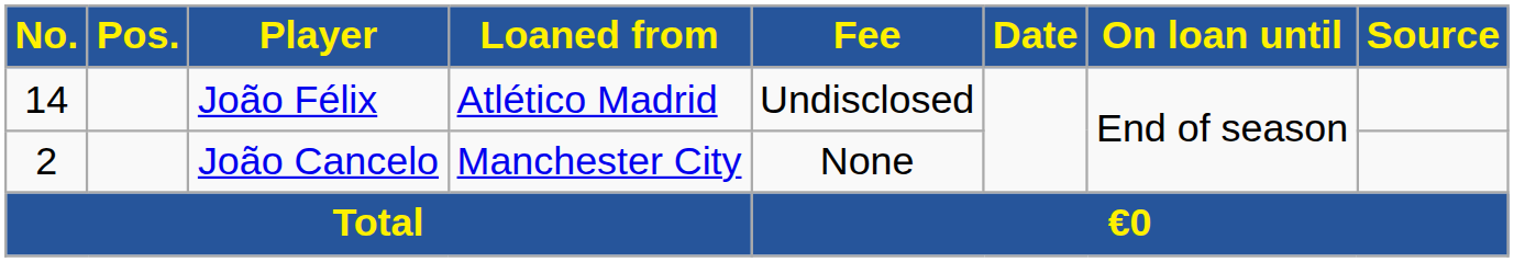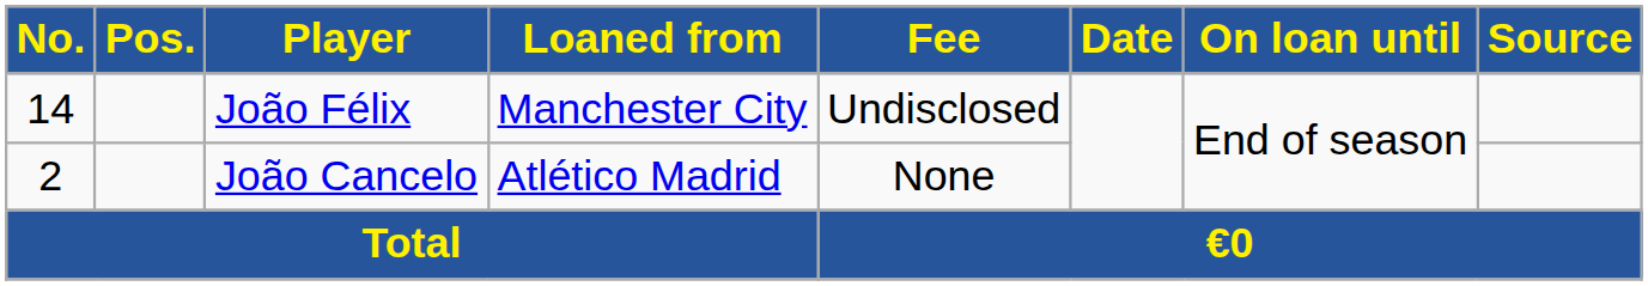 <table class="wikitable" style="text-align:center">
 <tr>
 <th style="background:#26559B;color:#FFF000;">No.</th>
 <th style="background:#26559B;color:#FFF000;">Pos.</th>
 <th style="background:#26559B;color:#FFF000;">Player</th>
 <th style="background:#26559B;color:#FFF000;">Loaned from</th>
 <th style="background:#26559B;color:#FFF000;">Fee</th>
 <th style="background:#26559B;color:#FFF000;">Date</th>
 <th style="background:#26559B;color:#FFF000;">On loan until</th>
 <th style="background:#26559B;color:#FFF000;">Source</th>
 </tr>
 <tr>
 <td>14</td>
 <td></td>
 <td style="text-align:left"> <a href='#'>João Félix</a></td>
-<td style="text-align:left"><a href='#'>Atlético Madrid</a></td>
+<td style="text-align:left"> <a href='#'>Manchester City</a></td>
 <td>Undisclosed</td>
 <td rowspan=2></td>
 <td rowspan=2>End of season</td>
 <td></td>
 </tr>
 <tr>
 <td>2</td>
 <td></td>
 <td style="text-align:left"> <a href='#'>João Cancelo</a></td>
-<td style="text-align:left"> <a href='#'>Manchester City</a></td>
+<td style="text-align:left"><a href='#'>Atlético Madrid</a></td>
 <td>None</td>
 <td></td>
 </tr>
 <tr>
 <th colspan="4" style="background:#26559B;color:#FFF000;">Total</th>
 <th colspan="4" style="background:#26559B;color:#FFF000;">€0</th>
 </tr>
 </table>
